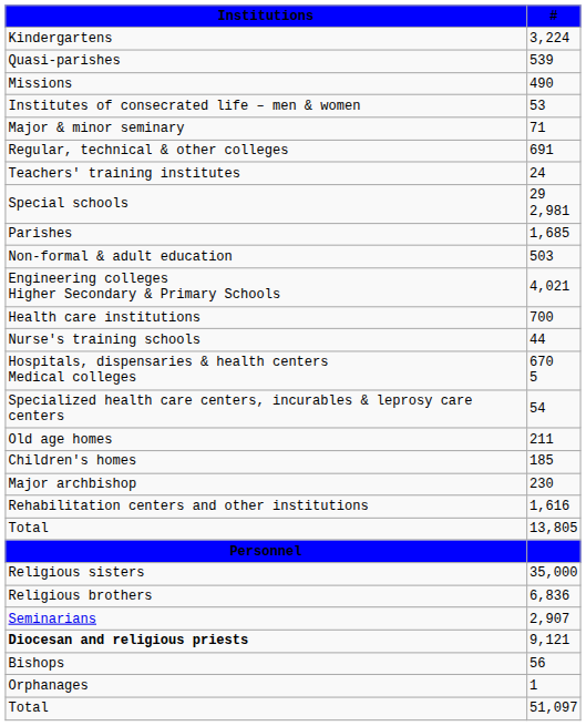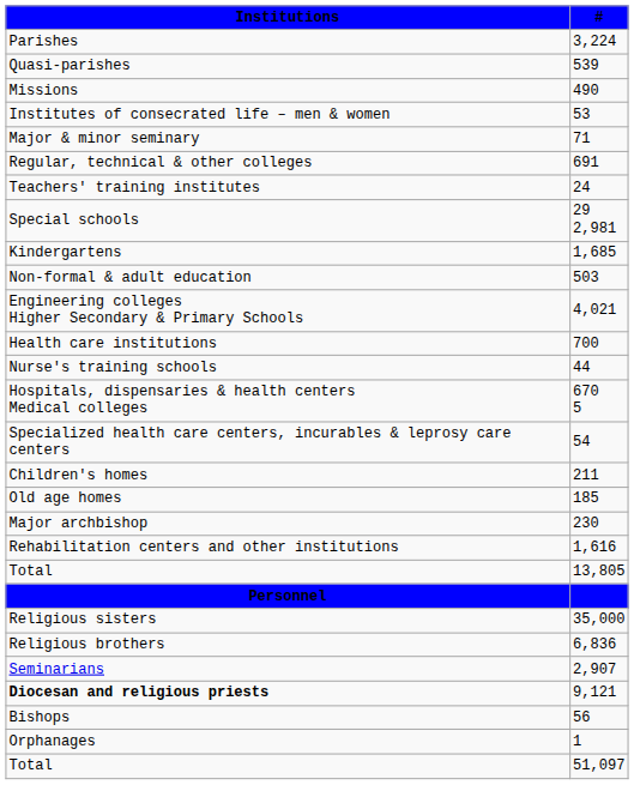 <table class="wikitable" style="float:right; width:40%; font-size:90%;">
 <tr>
 <th style="background:blue;"><span>Institutions</span></th>
 <th style="background:blue;"><span>#</span></th>
 </tr>
 <tr>
-<td>Kindergartens</td>
+<td>Parishes</td>
 <td>3,224</td>
 </tr>
 <tr>
 <td>Quasi-parishes</td>
 <td>539</td>
 </tr>
 <tr>
 <td>Missions</td>
 <td>490</td>
 </tr>
 <tr>
 <td>Institutes of consecrated life – men & women</td>
 <td>53</td>
 </tr>
 <tr>
 <td>Major & minor seminary</td>
 <td>71</td>
 </tr>
 <tr>
 <td>Regular, technical & other colleges</td>
 <td>691</td>
 </tr>
 <tr>
 <td>Teachers' training institutes</td>
 <td>24</td>
 </tr>
 <tr>
 <td>Special schools</td>
 <td>29<br>2,981</td>
 </tr>
 <tr>
-<td>Parishes</td>
+<td>Kindergartens</td>
 <td>1,685</td>
 </tr>
 <tr>
 <td>Non-formal & adult education</td>
 <td>503</td>
 </tr>
 <tr>
 <td>Engineering colleges<br>Higher Secondary & Primary Schools</td>
 <td>4,021</td>
 </tr>
 <tr>
 <td>Health care institutions</td>
 <td>700</td>
 </tr>
 <tr>
 <td>Nurse's training schools</td>
 <td>44</td>
 </tr>
 <tr>
 <td>Hospitals, dispensaries & health centers<br>Medical colleges</td>
 <td>670<br>5</td>
 </tr>
 <tr>
 <td>Specialized health care centers, incurables & leprosy care centers</td>
 <td>54</td>
 </tr>
 <tr>
-<td>Old age homes</td>
+<td>Children's homes</td>
 <td>211</td>
 </tr>
 <tr>
-<td>Children's homes</td>
+<td>Old age homes</td>
 <td>185</td>
 </tr>
 <tr>
 <td>Major archbishop</td>
 <td>230</td>
 </tr>
 <tr>
 <td>Rehabilitation centers and other institutions</td>
 <td>1,616</td>
 </tr>
 <tr>
 <td>Total</td>
 <td>13,805</td>
 </tr>
 <tr>
 <th style="background:blue;"><span>Personnel</span></th>
 <th style="background:blue;"><span></span></th>
 </tr>
 <tr>
 <td>Religious sisters</td>
 <td>35,000</td>
 </tr>
 <tr>
 <td>Religious brothers</td>
 <td>6,836</td>
 </tr>
 <tr>
 <td><a href='#'>Seminarians</a></td>
 <td>2,907</td>
 </tr>
 <tr>
 <td><strong>Diocesan and religious priests</strong></td>
 <td>9,121</td>
 </tr>
 <tr>
 <td>Bishops</td>
 <td>56</td>
 </tr>
 <tr>
 <td>Orphanages</td>
 <td>1</td>
 </tr>
 <tr>
 <td>Total</td>
 <td>51,097</td>
 </tr>
 </table>
